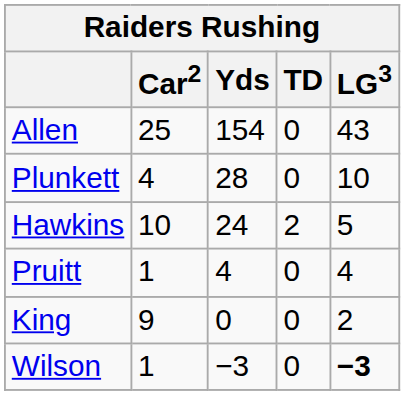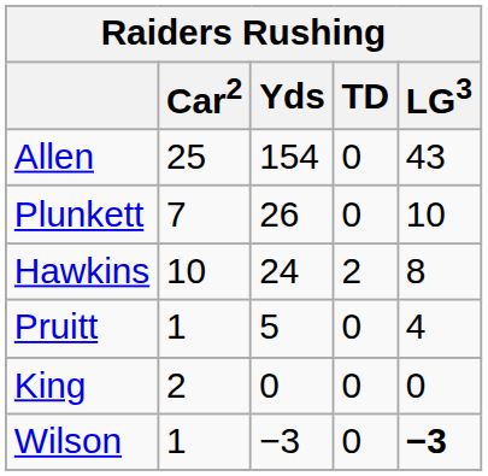 <table class="wikitable">
 <tr>
 <th colspan="5">Raiders Rushing</th>
 </tr>
 <tr>
 <th></th>
 <th>Car<sup>2</sup></th>
 <th>Yds</th>
 <th>TD</th>
 <th>LG<sup>3</sup></th>
 </tr>
 <tr>
 <td><a href='#'>Allen</a></td>
 <td>25</td>
 <td>154</td>
 <td>0</td>
 <td>43</td>
 </tr>
 <tr>
 <td><a href='#'>Plunkett</a></td>
-<td>4</td>
-<td>28</td>
+<td>7</td>
+<td>26</td>
 <td>0</td>
 <td>10</td>
 </tr>
 <tr>
 <td><a href='#'>Hawkins</a></td>
 <td>10</td>
 <td>24</td>
 <td>2</td>
-<td>5</td>
+<td>8</td>
 </tr>
 <tr>
 <td><a href='#'>Pruitt</a></td>
 <td>1</td>
-<td>4</td>
+<td>5</td>
 <td>0</td>
 <td>4</td>
 </tr>
 <tr>
 <td><a href='#'>King</a></td>
-<td>9</td>
+<td>2</td>
 <td>0</td>
 <td>0</td>
-<td>2</td>
+<td>0</td>
 </tr>
 <tr>
 <td><a href='#'>Wilson</a></td>
 <td>1</td>
 <td>−3</td>
 <td>0</td>
 <td><strong>−3</strong></td>
 </tr>
 </table>
